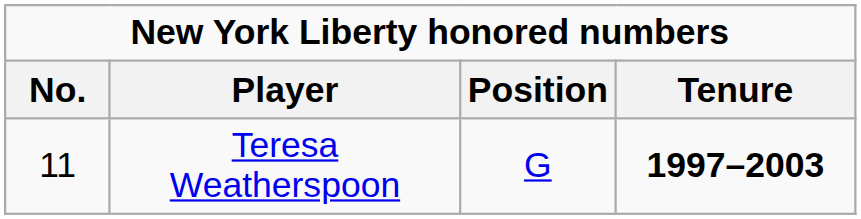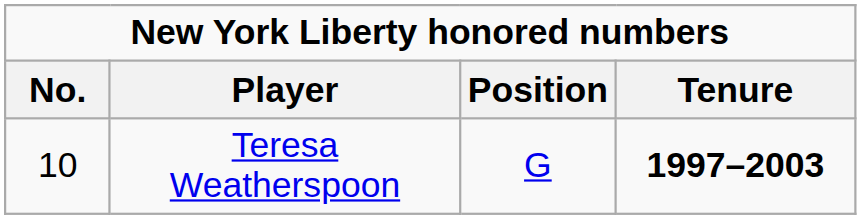 <table class="wikitable" style="text-align:center">
 <tr>
 <td colspan="4"><strong>New York Liberty honored numbers</strong></td>
 </tr>
 <tr>
 <th style="width:40px; ">No.</th>
 <th style="width:150px; ">Player</th>
 <th style="width:40px; ">Position</th>
 <th style="width:100px; ">Tenure</th>
 </tr>
 <tr>
-<td>11</td>
+<td>10</td>
 <td><a href='#'>Teresa Weatherspoon</a></td>
 <td><a href='#'>G</a></td>
 <td><strong>1997–2003</strong></td>
 </tr>
 </table>
